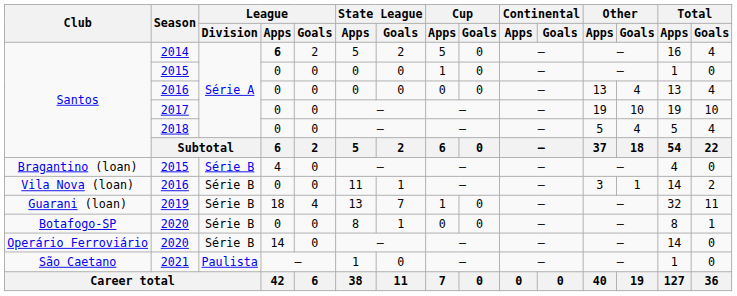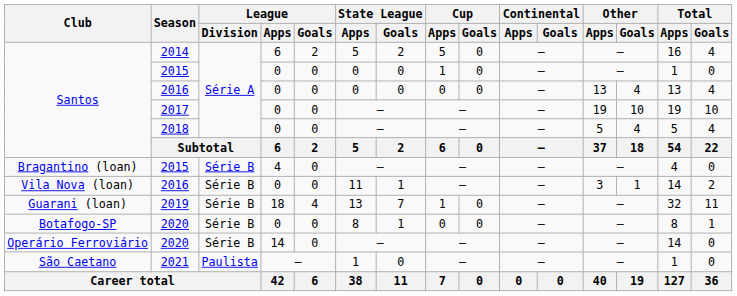 <table class="wikitable" style="text-align: center;">
 <tr>
 <th rowspan="2">Club</th>
 <th rowspan="2">Season</th>
 <th colspan="3">League</th>
 <th colspan="2">State League</th>
 <th colspan="2">Cup</th>
 <th colspan="2">Continental</th>
 <th colspan="2">Other</th>
 <th colspan="2">Total</th>
 </tr>
 <tr>
 <th>Division</th>
 <th>Apps</th>
 <th>Goals</th>
 <th>Apps</th>
 <th>Goals</th>
 <th>Apps</th>
 <th>Goals</th>
 <th>Apps</th>
 <th>Goals</th>
 <th>Apps</th>
 <th>Goals</th>
 <th>Apps</th>
 <th>Goals</th>
 </tr>
 <tr>
 <td rowspan="6" valign="center"><a href='#'>Santos</a></td>
 <td><a href='#'>2014</a></td>
 <td rowspan="5"><a href='#'>Série A</a></td>
-<td><strong>6</strong></td>
+<td>6</td>
 <td>2</td>
 <td>5</td>
 <td>2</td>
 <td>5</td>
 <td>0</td>
 <td colspan="2">—</td>
 <td colspan="2">—</td>
 <td>16</td>
 <td>4</td>
 </tr>
 <tr>
 <td><a href='#'>2015</a></td>
 <td>0</td>
 <td>0</td>
 <td>0</td>
 <td>0</td>
 <td>1</td>
 <td>0</td>
 <td colspan="2">—</td>
 <td colspan="2">—</td>
 <td>1</td>
 <td>0</td>
 </tr>
 <tr>
 <td><a href='#'>2016</a></td>
 <td>0</td>
 <td>0</td>
 <td>0</td>
 <td>0</td>
 <td>0</td>
 <td>0</td>
 <td colspan="2">—</td>
 <td>13</td>
 <td>4</td>
 <td>13</td>
 <td>4</td>
 </tr>
 <tr>
 <td><a href='#'>2017</a></td>
 <td>0</td>
 <td>0</td>
 <td colspan="2">—</td>
 <td colspan="2">—</td>
 <td colspan="2">—</td>
 <td>19</td>
 <td>10</td>
 <td>19</td>
 <td>10</td>
 </tr>
 <tr>
 <td><a href='#'>2018</a></td>
 <td>0</td>
 <td>0</td>
 <td colspan="2">—</td>
 <td colspan="2">—</td>
 <td colspan="2">—</td>
 <td>5</td>
 <td>4</td>
 <td>5</td>
 <td>4</td>
 </tr>
 <tr>
 <th colspan="2">Subtotal</th>
 <th>6</th>
 <th>2</th>
 <th>5</th>
 <th>2</th>
 <th>6</th>
 <th>0</th>
 <th colspan="2">—</th>
 <th>37</th>
 <th>18</th>
 <th>54</th>
 <th>22</th>
 </tr>
 <tr>
 <td valign="center"><a href='#'>Bragantino</a> (loan)</td>
 <td><a href='#'>2015</a></td>
 <td><a href='#'>Série B</a></td>
 <td>4</td>
 <td>0</td>
 <td colspan="2">—</td>
 <td colspan="2">—</td>
 <td colspan="2">—</td>
 <td colspan="2">—</td>
 <td>4</td>
 <td>0</td>
 </tr>
 <tr>
 <td valign="center"><a href='#'>Vila Nova</a> (loan)</td>
 <td><a href='#'>2016</a></td>
 <td>Série B</td>
 <td>0</td>
 <td>0</td>
 <td>11</td>
 <td>1</td>
 <td colspan="2">—</td>
 <td colspan="2">—</td>
 <td>3</td>
 <td>1</td>
 <td>14</td>
 <td>2</td>
 </tr>
 <tr>
 <td valign="center"><a href='#'>Guarani</a> (loan)</td>
 <td><a href='#'>2019</a></td>
 <td>Série B</td>
 <td>18</td>
 <td>4</td>
 <td>13</td>
 <td>7</td>
 <td>1</td>
 <td>0</td>
 <td colspan="2">—</td>
 <td colspan="2">—</td>
 <td>32</td>
 <td>11</td>
 </tr>
 <tr>
 <td valign="center"><a href='#'>Botafogo-SP</a></td>
 <td><a href='#'>2020</a></td>
 <td>Série B</td>
 <td>0</td>
 <td>0</td>
 <td>8</td>
 <td>1</td>
 <td>0</td>
 <td>0</td>
 <td colspan="2">—</td>
 <td colspan="2">—</td>
 <td>8</td>
 <td>1</td>
 </tr>
 <tr>
 <td valign="center"><a href='#'>Operário Ferroviário</a></td>
 <td><a href='#'>2020</a></td>
 <td>Série B</td>
 <td>14</td>
 <td>0</td>
 <td colspan="2">—</td>
 <td colspan="2">—</td>
 <td colspan="2">—</td>
 <td colspan="2">—</td>
 <td>14</td>
 <td>0</td>
 </tr>
 <tr>
 <td valign="center"><a href='#'>São Caetano</a></td>
 <td><a href='#'>2021</a></td>
 <td><a href='#'>Paulista</a></td>
 <td colspan="2">—</td>
 <td>1</td>
 <td>0</td>
 <td colspan="2">—</td>
 <td colspan="2">—</td>
 <td colspan="2">—</td>
 <td>1</td>
 <td>0</td>
 </tr>
 <tr>
 <th colspan="3"><strong>Career total</strong></th>
 <th>42</th>
 <th>6</th>
 <th>38</th>
 <th>11</th>
 <th>7</th>
 <th>0</th>
 <th>0</th>
 <th>0</th>
 <th>40</th>
 <th>19</th>
 <th>127</th>
 <th>36</th>
 </tr>
 </table>
